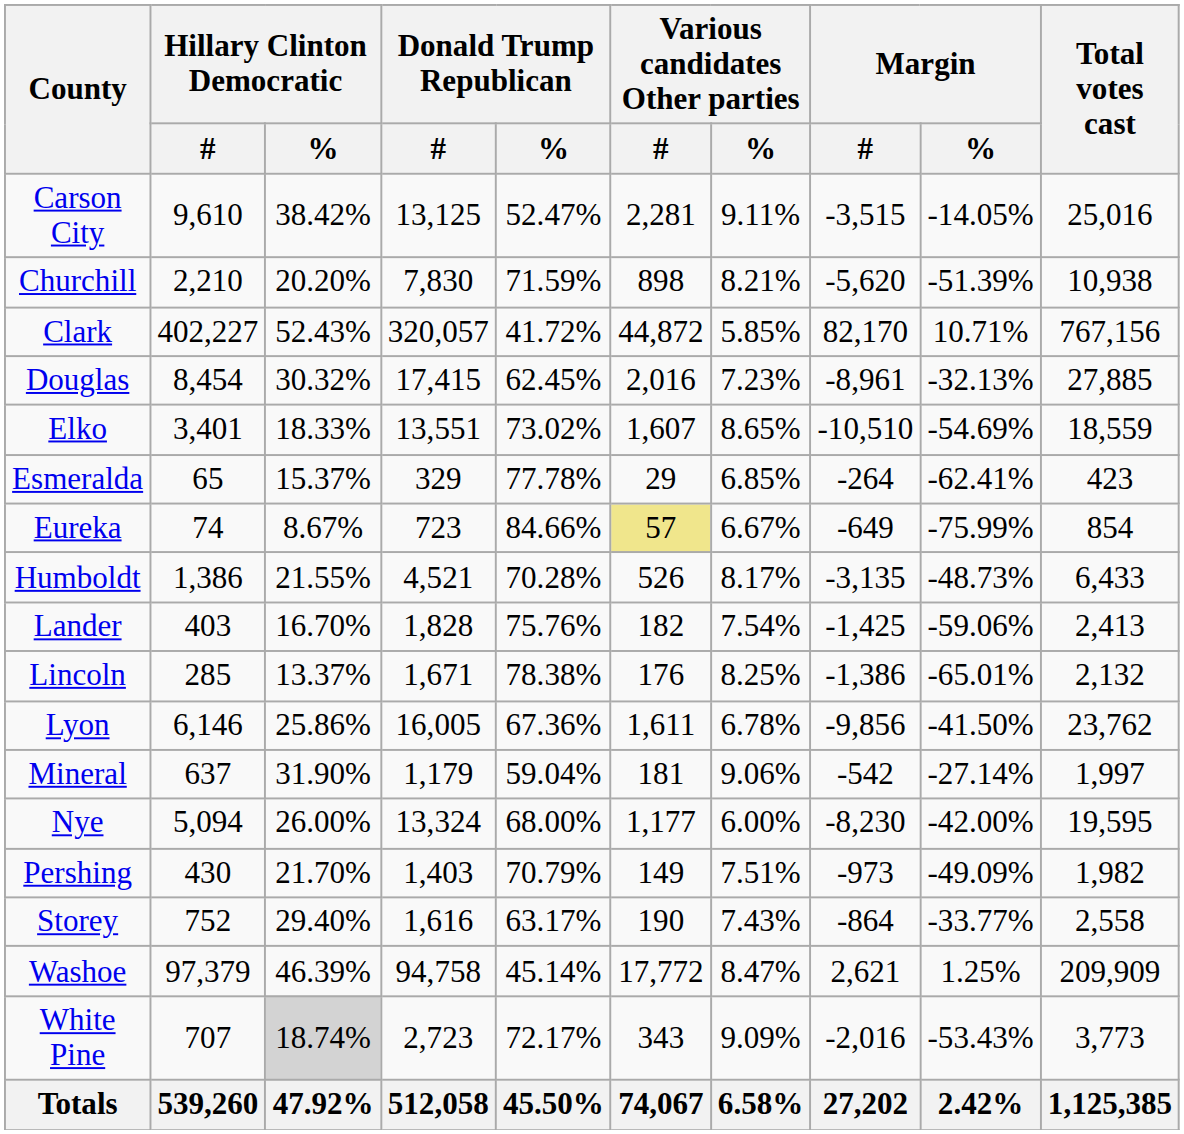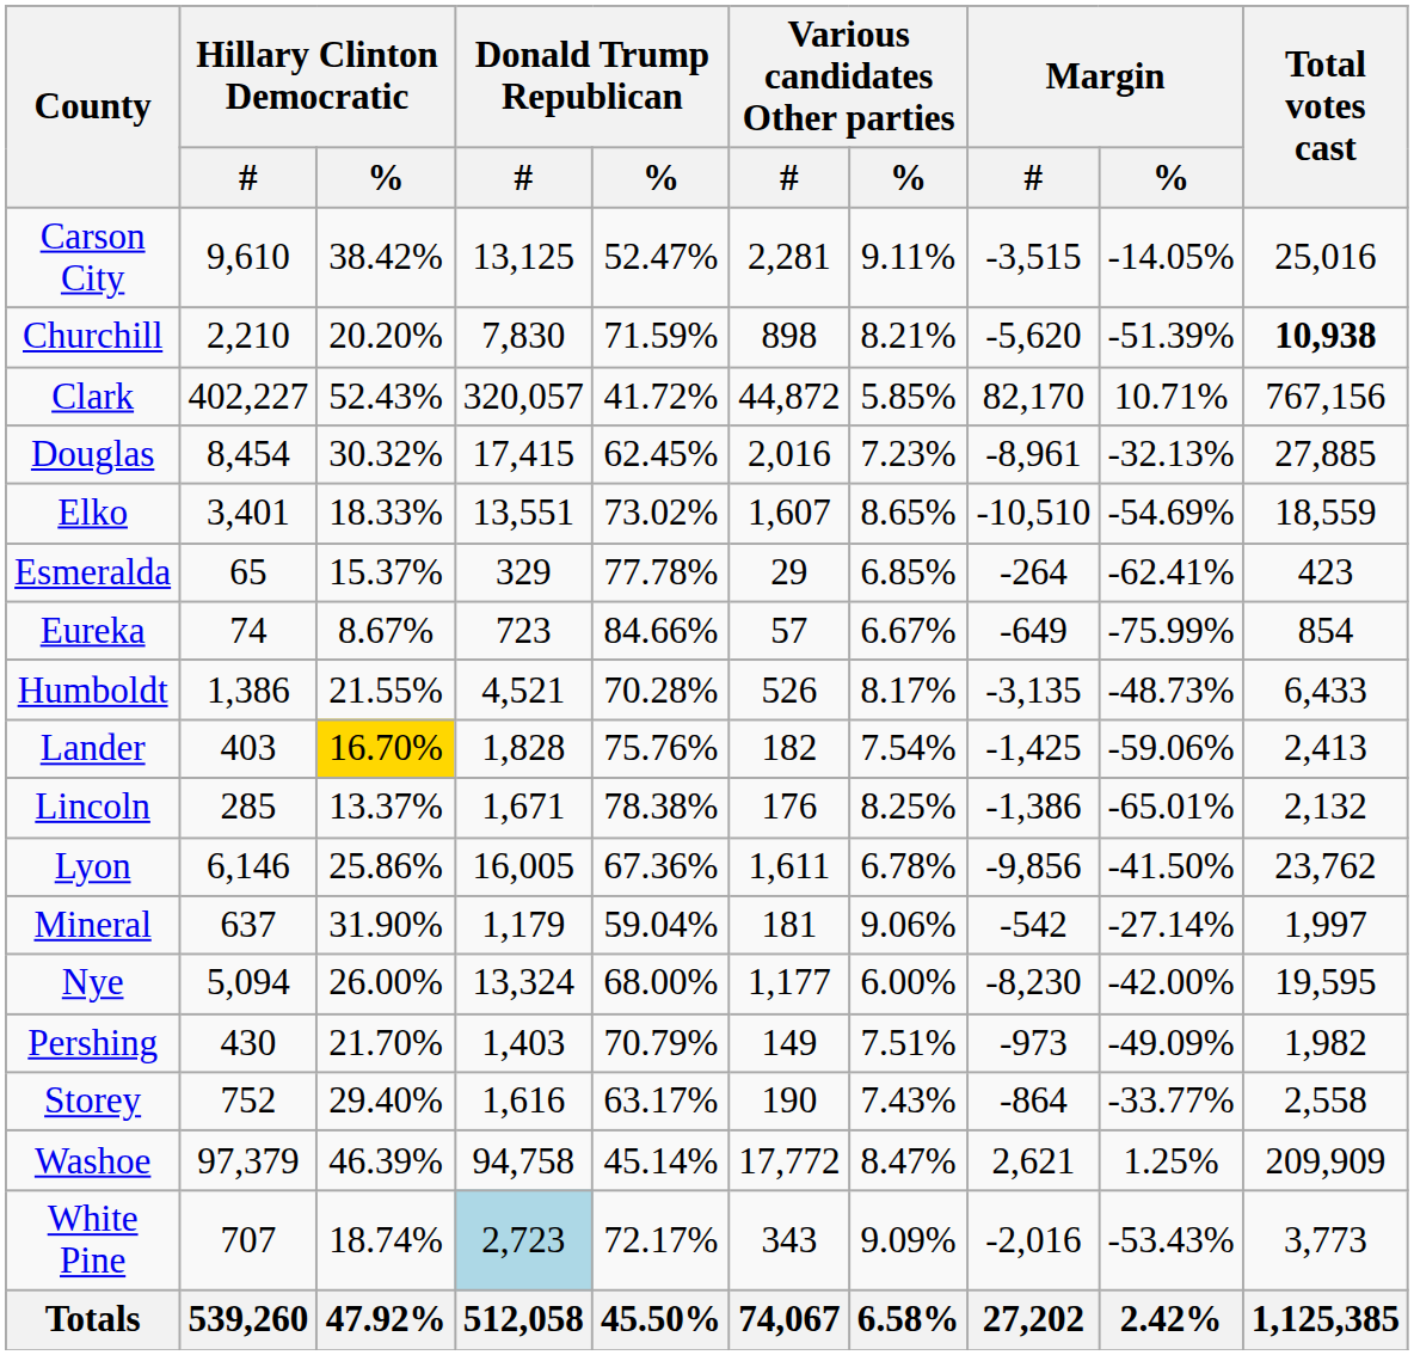 <table width="60%"  class="wikitable sortable" style="text-align:center">
 <tr>
 <th style="text-align:center;" rowspan="2">County</th>
 <th style="text-align:center;" colspan="2">Hillary Clinton<br>Democratic</th>
 <th style="text-align:center;" colspan="2">Donald Trump<br>Republican</th>
 <th style="text-align:center;" colspan="2">Various candidates<br>Other parties</th>
 <th style="text-align:center;" colspan="2">Margin</th>
 <th style="text-align:center;" rowspan="2">Total votes cast</th>
 </tr>
 <tr>
 <th style="text-align:center;" data-sort-type="number">#</th>
 <th style="text-align:center;" data-sort-type="number">%</th>
 <th style="text-align:center;" data-sort-type="number">#</th>
 <th style="text-align:center;" data-sort-type="number">%</th>
 <th style="text-align:center;" data-sort-type="number">#</th>
 <th style="text-align:center;" data-sort-type="number">%</th>
 <th style="text-align:center;" data-sort-type="number">#</th>
 <th style="text-align:center;" data-sort-type="number">%</th>
 </tr>
 <tr style="text-align:center;">
 <td><a href='#'>Carson City</a></td>
 <td>9,610</td>
 <td>38.42%</td>
 <td>13,125</td>
 <td>52.47%</td>
 <td>2,281</td>
 <td>9.11%</td>
 <td>-3,515</td>
 <td>-14.05%</td>
 <td>25,016</td>
 </tr>
 <tr style="text-align:center;">
 <td><a href='#'>Churchill</a></td>
 <td>2,210</td>
 <td>20.20%</td>
 <td>7,830</td>
 <td>71.59%</td>
 <td>898</td>
 <td>8.21%</td>
 <td>-5,620</td>
 <td>-51.39%</td>
-<td>10,938</td>
+<td><strong>10,938</strong></td>
 </tr>
 <tr style="text-align:center;">
 <td><a href='#'>Clark</a></td>
 <td>402,227</td>
 <td>52.43%</td>
 <td>320,057</td>
 <td>41.72%</td>
 <td>44,872</td>
 <td>5.85%</td>
 <td>82,170</td>
 <td>10.71%</td>
 <td>767,156</td>
 </tr>
 <tr style="text-align:center;">
 <td><a href='#'>Douglas</a></td>
 <td>8,454</td>
 <td>30.32%</td>
 <td>17,415</td>
 <td>62.45%</td>
 <td>2,016</td>
 <td>7.23%</td>
 <td>-8,961</td>
 <td>-32.13%</td>
 <td>27,885</td>
 </tr>
 <tr style="text-align:center;">
 <td><a href='#'>Elko</a></td>
 <td>3,401</td>
 <td>18.33%</td>
 <td>13,551</td>
 <td>73.02%</td>
 <td>1,607</td>
 <td>8.65%</td>
 <td>-10,510</td>
 <td>-54.69%</td>
 <td>18,559</td>
 </tr>
 <tr style="text-align:center;">
 <td><a href='#'>Esmeralda</a></td>
 <td>65</td>
 <td>15.37%</td>
 <td>329</td>
 <td>77.78%</td>
 <td>29</td>
 <td>6.85%</td>
 <td>-264</td>
 <td>-62.41%</td>
 <td>423</td>
 </tr>
 <tr style="text-align:center;">
 <td><a href='#'>Eureka</a></td>
 <td>74</td>
 <td>8.67%</td>
 <td>723</td>
 <td>84.66%</td>
-<td style="background: khaki;">57</td>
+<td>57</td>
 <td>6.67%</td>
 <td>-649</td>
 <td>-75.99%</td>
 <td>854</td>
 </tr>
 <tr style="text-align:center;">
 <td><a href='#'>Humboldt</a></td>
 <td>1,386</td>
 <td>21.55%</td>
 <td>4,521</td>
 <td>70.28%</td>
 <td>526</td>
 <td>8.17%</td>
 <td>-3,135</td>
 <td>-48.73%</td>
 <td>6,433</td>
 </tr>
 <tr style="text-align:center;">
 <td><a href='#'>Lander</a></td>
 <td>403</td>
-<td>16.70%</td>
+<td style="background: gold;">16.70%</td>
 <td>1,828</td>
 <td>75.76%</td>
 <td>182</td>
 <td>7.54%</td>
 <td>-1,425</td>
 <td>-59.06%</td>
 <td>2,413</td>
 </tr>
 <tr style="text-align:center;">
 <td><a href='#'>Lincoln</a></td>
 <td>285</td>
 <td>13.37%</td>
 <td>1,671</td>
 <td>78.38%</td>
 <td>176</td>
 <td>8.25%</td>
 <td>-1,386</td>
 <td>-65.01%</td>
 <td>2,132</td>
 </tr>
 <tr style="text-align:center;">
 <td><a href='#'>Lyon</a></td>
 <td>6,146</td>
 <td>25.86%</td>
 <td>16,005</td>
 <td>67.36%</td>
 <td>1,611</td>
 <td>6.78%</td>
 <td>-9,856</td>
 <td>-41.50%</td>
 <td>23,762</td>
 </tr>
 <tr style="text-align:center;">
 <td><a href='#'>Mineral</a></td>
 <td>637</td>
 <td>31.90%</td>
 <td>1,179</td>
 <td>59.04%</td>
 <td>181</td>
 <td>9.06%</td>
 <td>-542</td>
 <td>-27.14%</td>
 <td>1,997</td>
 </tr>
 <tr style="text-align:center;">
 <td><a href='#'>Nye</a></td>
 <td>5,094</td>
 <td>26.00%</td>
 <td>13,324</td>
 <td>68.00%</td>
 <td>1,177</td>
 <td>6.00%</td>
 <td>-8,230</td>
 <td>-42.00%</td>
 <td>19,595</td>
 </tr>
 <tr style="text-align:center;">
 <td><a href='#'>Pershing</a></td>
 <td>430</td>
 <td>21.70%</td>
 <td>1,403</td>
 <td>70.79%</td>
 <td>149</td>
 <td>7.51%</td>
 <td>-973</td>
 <td>-49.09%</td>
 <td>1,982</td>
 </tr>
 <tr style="text-align:center;">
 <td><a href='#'>Storey</a></td>
 <td>752</td>
 <td>29.40%</td>
 <td>1,616</td>
 <td>63.17%</td>
 <td>190</td>
 <td>7.43%</td>
 <td>-864</td>
 <td>-33.77%</td>
 <td>2,558</td>
 </tr>
 <tr style="text-align:center;">
 <td><a href='#'>Washoe</a></td>
 <td>97,379</td>
 <td>46.39%</td>
 <td>94,758</td>
 <td>45.14%</td>
 <td>17,772</td>
 <td>8.47%</td>
 <td>2,621</td>
 <td>1.25%</td>
 <td>209,909</td>
 </tr>
 <tr style="text-align:center;">
 <td><a href='#'>White Pine</a></td>
 <td>707</td>
-<td style="background: lightgrey;">18.74%</td>
-<td>2,723</td>
+<td>18.74%</td>
+<td style="background: lightblue;">2,723</td>
 <td>72.17%</td>
 <td>343</td>
 <td>9.09%</td>
 <td>-2,016</td>
 <td>-53.43%</td>
 <td>3,773</td>
 </tr>
 <tr>
 <th>Totals</th>
 <th>539,260</th>
 <th>47.92%</th>
 <th>512,058</th>
 <th>45.50%</th>
 <th>74,067</th>
 <th>6.58%</th>
 <th>27,202</th>
 <th>2.42%</th>
 <th>1,125,385</th>
 </tr>
 </table>
